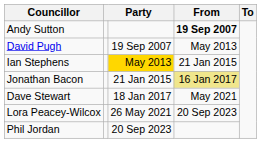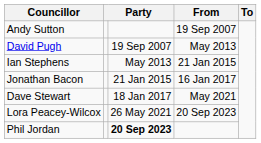 <table class=wikitable>
 <tr>
 <th>Councillor</th>
 <th colspan=2>Party</th>
 <th>From</th>
 <th>To</th>
 </tr>
 <tr>
 <td>Andy Sutton</td>
 <td></td>
 <td></td>
-<td align=right><strong>19 Sep 2007</strong></td>
+<td align=right>19 Sep 2007</td>
 </tr>
 <tr>
 <td><a href='#'>David Pugh</a></td>
 <td></td>
 <td align=right>19 Sep 2007</td>
 <td align=right>May 2013</td>
 </tr>
 <tr>
 <td>Ian Stephens</td>
 <td></td>
-<td align=right style="background: gold;">May 2013</td>
+<td align=right>May 2013</td>
 <td align=right>21 Jan 2015</td>
 </tr>
 <tr>
 <td>Jonathan Bacon</td>
 <td></td>
 <td align=right>21 Jan 2015</td>
-<td align=right style="background: khaki;">16 Jan 2017</td>
+<td align=right>16 Jan 2017</td>
 </tr>
 <tr>
 <td>Dave Stewart</td>
 <td></td>
 <td align=right>18 Jan 2017</td>
 <td align=right>May 2021</td>
 </tr>
 <tr>
 <td>Lora Peacey-Wilcox</td>
 <td></td>
 <td align=right>26 May 2021</td>
 <td align=right>20 Sep 2023</td>
 </tr>
 <tr>
 <td>Phil Jordan</td>
 <td></td>
-<td align=right>20 Sep 2023</td>
+<td align=right><strong>20 Sep 2023</strong></td>
 <td align=right></td>
 </tr>
 </table>
